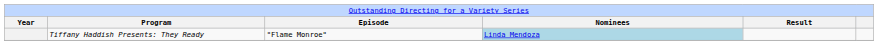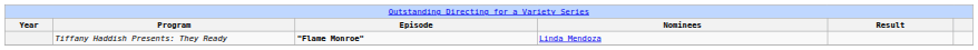 <table class="wikitable plainrowheaders" style="font-size: 90%" width=90%>
 <tr ---- bgcolor="#bfd7ff">
 <td colspan=6 align=center><a href='#'>Outstanding Directing for a Variety Series</a></td>
 </tr>
 <tr ---- bgcolor="#ebf5ff">
 <th width="5%">Year</th>
 <th width="25%">Program</th>
 <th width="25%">Episode</th>
 <th width="30%">Nominees</th>
 <th width="13%">Result</th>
 <th width="5%"></th>
 </tr>
 <tr>
 <th scope=row></th>
 <td><em>Tiffany Haddish Presents: They Ready</em></td>
-<td>"Flame Monroe"</td>
-<td style="background: lightblue;"><a href='#'>Linda Mendoza</a></td>
+<td><strong>"Flame Monroe"</strong></td>
+<td><a href='#'>Linda Mendoza</a></td>
 <td></td>
 <td></td>
 </tr>
 <tr>
 </tr>
 </table>
